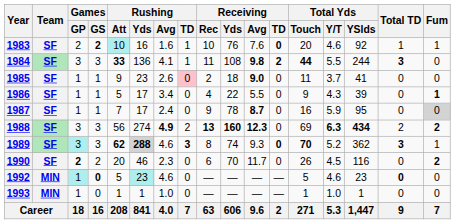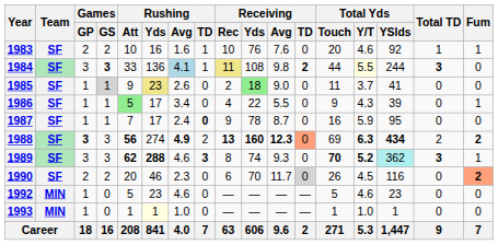 <table class="wikitable"style="text-align: center;">
 <tr>
 <th rowspan="2">Year</th>
 <th rowspan="2">Team</th>
 <th colspan="2">Games</th>
 <th colspan="4">Rushing</th>
 <th colspan="4">Receiving</th>
 <th colspan="3">Total Yds</th>
 <th rowspan="2">Total TD</th>
 <th rowspan="2">Fum</th>
 </tr>
 <tr>
 <th>GP</th>
 <th>GS</th>
 <th>Att</th>
 <th>Yds</th>
 <th>Avg</th>
 <th>TD</th>
 <th>Rec</th>
 <th>Yds</th>
 <th>Avg</th>
 <th>TD</th>
 <th>Touch</th>
 <th>Y/T</th>
 <th>YSlds</th>
 </tr>
 <tr>
 <th><a href='#'>1983</a></th>
 <th><a href='#'>SF</a></th>
 <td>2</td>
-<td><strong>2</strong></td>
-<td style="background: paleturquoise;">10</td>
+<td>2</td>
+<td>10</td>
 <td>16</td>
 <td>1.6</td>
 <td>1</td>
 <td>10</td>
 <td>76</td>
 <td>7.6</td>
-<td><strong>0</strong></td>
+<td>0</td>
 <td>20</td>
 <td>4.6</td>
 <td>92</td>
 <td>1</td>
 <td>1</td>
 </tr>
 <tr>
 <th><a href='#'>1984</a></th>
 <th style="background:#afe6ba; width:3em;"><a href='#'>SF</a></th>
 <td>3</td>
-<td>3</td>
-<td><strong>33</strong></td>
+<td><strong>3</strong></td>
+<td>33</td>
 <td>136</td>
-<td>4.1</td>
+<td style="background: lightblue;">4.1</td>
 <td>1</td>
-<td>11</td>
+<td style="background: khaki;">11</td>
 <td>108</td>
-<td><strong>9.8</strong></td>
+<td>9.8</td>
 <td><strong>2</strong></td>
-<td><strong>44</strong></td>
-<td>5.5</td>
+<td>44</td>
+<td style="background: lightyellow;">5.5</td>
 <td>244</td>
 <td><strong>3</strong></td>
 <td>0</td>
 </tr>
 <tr>
 <th><a href='#'>1985</a></th>
 <th><a href='#'>SF</a></th>
 <td>1</td>
-<td>1</td>
+<td style="background: lightgrey;">1</td>
 <td>9</td>
-<td>23</td>
+<td style="background: khaki;">23</td>
 <td>2.6</td>
-<td style="background: pink;">0</td>
+<td>0</td>
 <td>2</td>
-<td>18</td>
-<td><strong>9.0</strong></td>
+<td style="background: lightgreen;">18</td>
+<td>9.0</td>
 <td>0</td>
 <td>11</td>
 <td>3.7</td>
 <td>41</td>
 <td>0</td>
 <td>0</td>
 </tr>
 <tr>
 <th><a href='#'>1986</a></th>
 <th><a href='#'>SF</a></th>
 <td>1</td>
 <td>1</td>
-<td>5</td>
+<td style="background: lightgreen;">5</td>
 <td>17</td>
 <td>3.4</td>
 <td>0</td>
 <td>4</td>
 <td>22</td>
 <td>5.5</td>
 <td>0</td>
 <td>9</td>
 <td>4.3</td>
 <td>39</td>
 <td>0</td>
-<td><strong>1</strong></td>
+<td>1</td>
 </tr>
 <tr>
 <th><a href='#'>1987</a></th>
 <th><a href='#'>SF</a></th>
 <td>1</td>
 <td>1</td>
 <td>7</td>
 <td>17</td>
 <td>2.4</td>
-<td>0</td>
+<td><strong>0</strong></td>
 <td>9</td>
 <td>78</td>
-<td><strong>8.7</strong></td>
+<td>8.7</td>
 <td>0</td>
 <td>16</td>
 <td>5.9</td>
 <td>95</td>
 <td>0</td>
-<td style="background: lightgrey;">0</td>
+<td>0</td>
 </tr>
 <tr>
 <th><a href='#'>1988</a></th>
 <th style="background:#afe6ba; width:3em;"><a href='#'>SF</a></th>
+<td><strong>3</strong></td>
 <td>3</td>
-<td>3</td>
-<td>56</td>
+<td><strong>56</strong></td>
 <td>274</td>
 <td><strong>4.9</strong></td>
 <td>2</td>
 <td><strong>13</strong></td>
 <td><strong>160</strong></td>
 <td><strong>12.3</strong></td>
-<td>0</td>
+<td style="background: lightsalmon;">0</td>
 <td>69</td>
 <td><strong>6.3</strong></td>
 <td><strong>434</strong></td>
 <td>2</td>
 <td><strong>2</strong></td>
 </tr>
 <tr>
 <th><a href='#'>1989</a></th>
 <th style="background:#afe6ba; width:3em;"><a href='#'>SF</a></th>
-<td style="background: paleturquoise;">3</td>
+<td>3</td>
 <td>3</td>
 <td><strong>62</strong></td>
-<td style="background: lightgrey;"><strong>288</strong></td>
+<td><strong>288</strong></td>
 <td>4.6</td>
 <td><strong>3</strong></td>
 <td>8</td>
 <td>74</td>
 <td>9.3</td>
-<td><strong>0</strong></td>
+<td>0</td>
 <td><strong>70</strong></td>
-<td>5.2</td>
-<td>362</td>
+<td><strong>5.2</strong></td>
+<td style="background: paleturquoise;">362</td>
 <td><strong>3</strong></td>
 <td>1</td>
 </tr>
 <tr>
 <th><a href='#'>1990</a></th>
 <th><a href='#'>SF</a></th>
-<td><strong>2</strong></td>
+<td>2</td>
 <td>2</td>
 <td>20</td>
 <td>46</td>
 <td>2.3</td>
 <td>0</td>
 <td>6</td>
 <td>70</td>
 <td>11.7</td>
-<td>0</td>
+<td style="background: lightgrey;">0</td>
 <td>26</td>
 <td>4.5</td>
 <td>116</td>
 <td>0</td>
-<td><strong>2</strong></td>
+<td style="background: lightsalmon;"><strong>2</strong></td>
 </tr>
 <tr>
 <th><a href='#'>1992</a></th>
 <th><a href='#'>MIN</a></th>
-<td style="background: paleturquoise;">1</td>
-<td><strong>0</strong></td>
+<td>1</td>
+<td>0</td>
 <td>5</td>
-<td style="background: paleturquoise;">23</td>
+<td>23</td>
 <td>4.6</td>
 <td>0</td>
 <td>—</td>
 <td>—</td>
 <td>—</td>
 <td>—</td>
 <td>5</td>
 <td>4.6</td>
 <td>23</td>
-<td><strong>0</strong></td>
+<td>0</td>
 <td>0</td>
 </tr>
 <tr>
 <th><a href='#'>1993</a></th>
 <th><a href='#'>MIN</a></th>
 <td>1</td>
 <td>0</td>
 <td>1</td>
-<td>1</td>
+<td style="background: lightyellow;">1</td>
 <td>1.0</td>
 <td>0</td>
 <td>—</td>
 <td>—</td>
 <td>—</td>
 <td>—</td>
 <td>1</td>
 <td>1.0</td>
 <td>1</td>
 <td>0</td>
 <td>0</td>
 </tr>
 <tr>
 <th colspan="2">Career</th>
 <th>18</th>
 <th>16</th>
 <th>208</th>
 <th>841</th>
 <th>4.0</th>
 <th>7</th>
 <th>63</th>
 <th>606</th>
 <th>9.6</th>
 <th>2</th>
 <th>271</th>
 <th>5.3</th>
 <th>1,447</th>
 <th>9</th>
 <th>7</th>
 </tr>
 </table>
